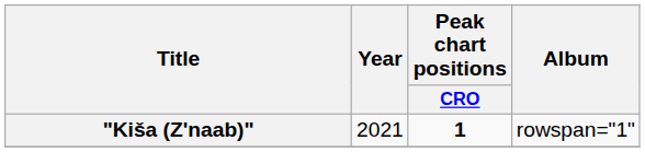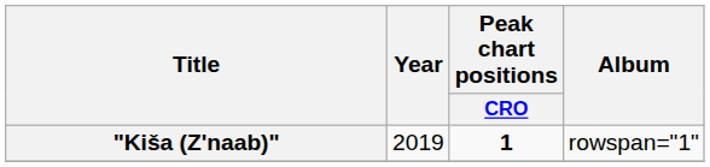 <table class="wikitable plainrowheaders" style="text-align:center;">
 <tr>
 <th scope="col" rowspan="2" style="width:16em;">Title</th>
 <th scope="col" rowspan="2" style="width:1em;">Year</th>
 <th scope="col" colspan="1">Peak chart positions</th>
 <th scope="col" rowspan="2">Album</th>
 </tr>
 <tr>
 <th scope="col" style="width:3em;font-size:85%;"><a href='#'>CRO</a><br></th>
 </tr>
 <tr>
 <th scope="row">"Kiša (Z'naab)"</th>
-<td>2021</td>
+<td>2019</td>
 <td><strong>1</strong></td>
 <td>rowspan="1" </td>
 </tr>
 <tr>
 </tr>
 </table>
